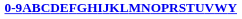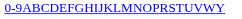 <table id="toc" class="toc" summary="Class">
 <tr>
 <th></th>
 </tr>
 <tr>
-<td style="text-align:center;"><strong><a href='#'>0-9</a><a href='#'>A</a><a href='#'>B</a><a href='#'>C</a><a href='#'>D</a><a href='#'>E</a><a href='#'>F</a><a href='#'>G</a><a href='#'>H</a><a href='#'>I</a><a href='#'>J</a><a href='#'>K</a><a href='#'>L</a><a href='#'>M</a><a href='#'>N</a><a href='#'>O</a><a href='#'>P</a><a href='#'>R</a><a href='#'>S</a><a href='#'>T</a><a href='#'>U</a><a href='#'>V</a><a href='#'>W</a><a href='#'>Y</a></strong></td>
+<td style="text-align:center;"><a href='#'>0-9</a><a href='#'>A</a><a href='#'>B</a><a href='#'>C</a><a href='#'>D</a><a href='#'>E</a><a href='#'>F</a><a href='#'>G</a><a href='#'>H</a><a href='#'>I</a><a href='#'>J</a><a href='#'>K</a><a href='#'>L</a><a href='#'>M</a><a href='#'>N</a><a href='#'>O</a><a href='#'>P</a><a href='#'>R</a><a href='#'>S</a><a href='#'>T</a><a href='#'>U</a><a href='#'>V</a><a href='#'>W</a><a href='#'>Y</a></td>
 </tr>
 </table>
